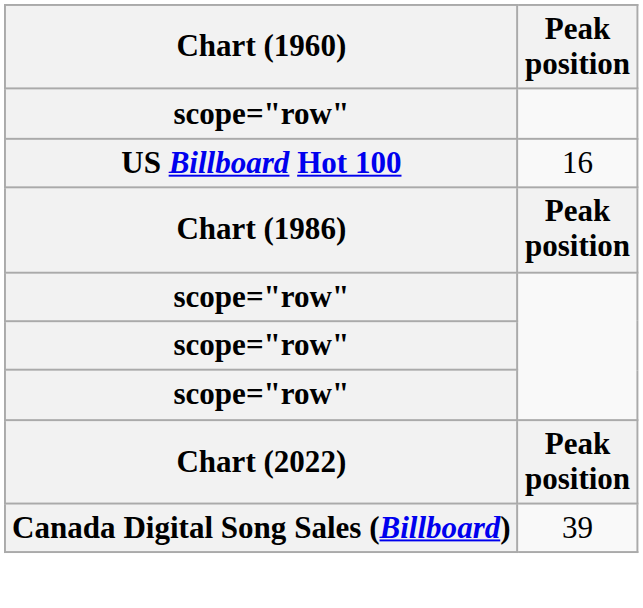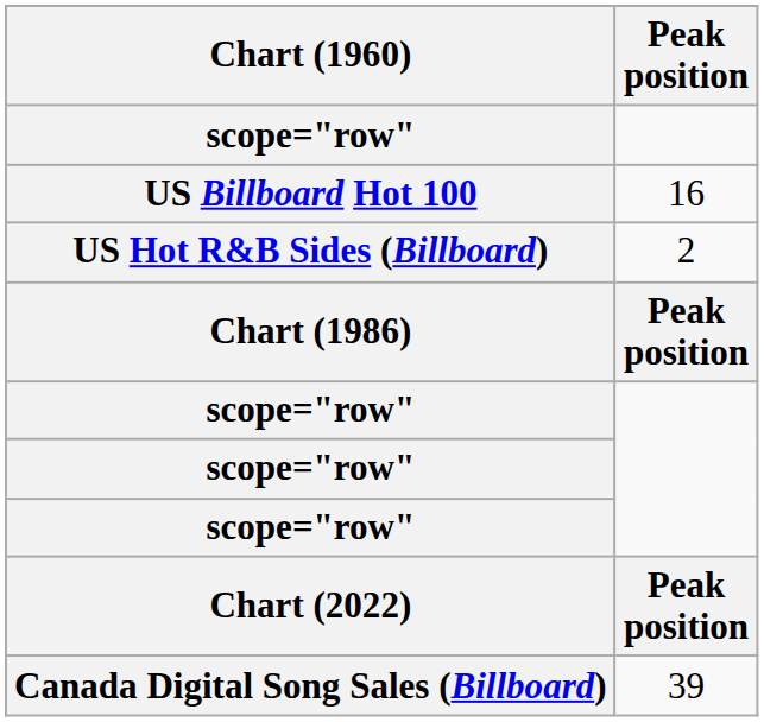 <table class="wikitable sortable plainrowheaders" style="text-align:center;">
 <tr>
 <th scope="col">Chart (1960)</th>
 <th scope="col">Peak<br>position</th>
 </tr>
 <tr>
 <th>scope="row"</th>
 </tr>
 <tr>
 <th scope="row">US <em><a href='#'>Billboard</a></em> <a href='#'>Hot 100</a></th>
 <td align="center">16</td>
+</tr>
+<tr>
+<th scope="row">US <a href='#'>Hot R&B Sides</a> (<em><a href='#'>Billboard</a></em>)</th>
+<td align="center">2</td>
 </tr>
 <tr>
 <th scope="col">Chart (1986)</th>
 <th scope="col">Peak<br>position</th>
 </tr>
 <tr>
 <th>scope="row"</th>
 </tr>
 <tr>
 <th>scope="row"</th>
 </tr>
 <tr>
 <th>scope="row"</th>
 </tr>
 <tr>
 <th scope="col">Chart (2022)</th>
 <th scope="col">Peak<br>position</th>
 </tr>
 <tr>
 <th scope="row">Canada Digital Song Sales (<em><a href='#'>Billboard</a></em>)</th>
 <td>39</td>
 </tr>
 </table>
